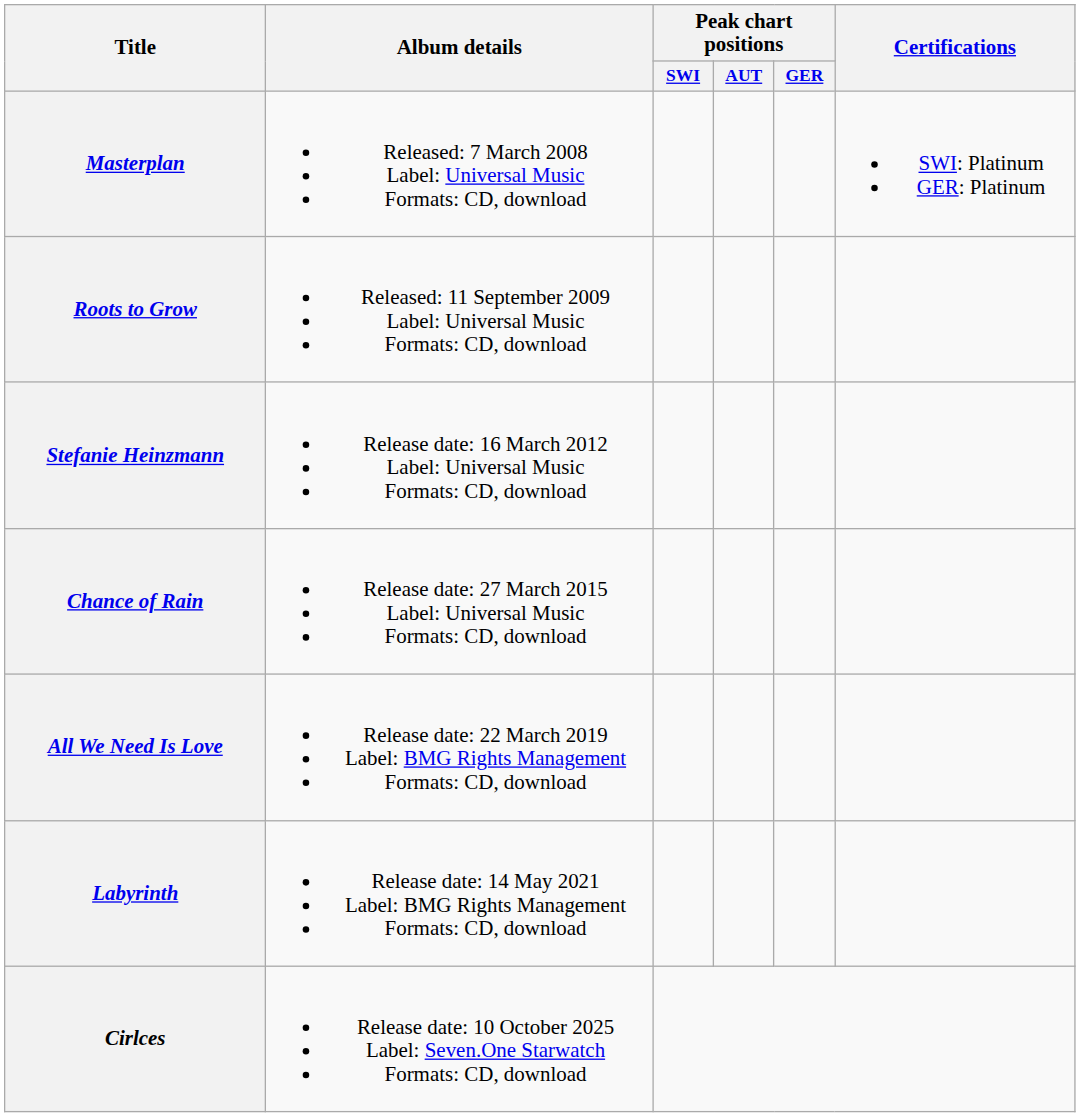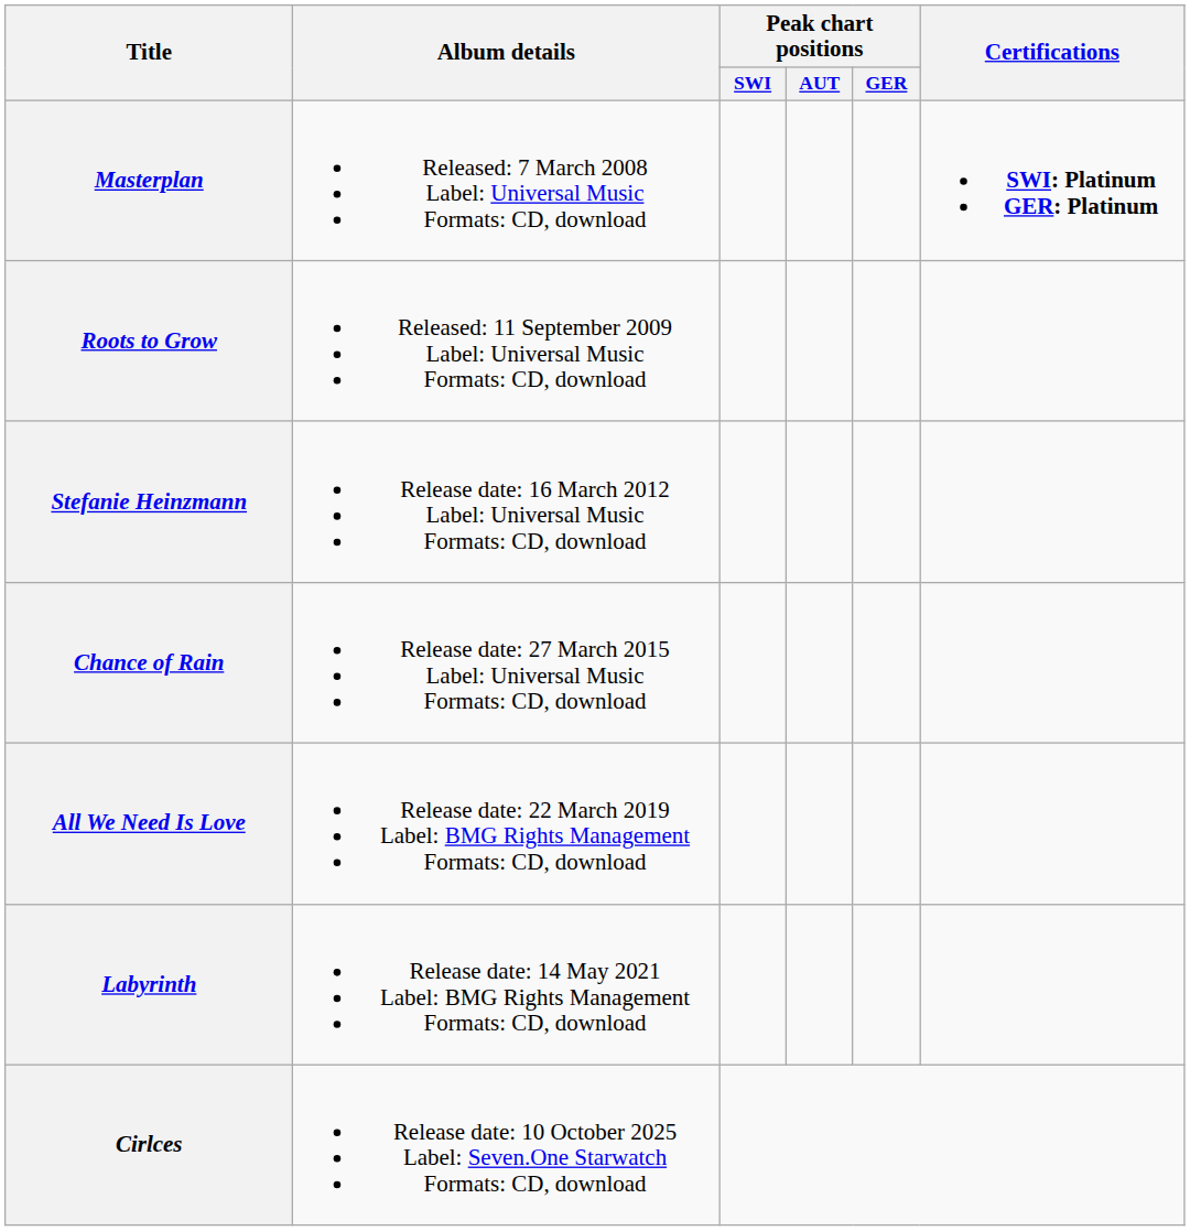 <table class="wikitable plainrowheaders" style="text-align:center;" border="1">
 <tr>
 <th scope="col" rowspan="2" style="width:12em;">Title</th>
 <th scope="col" rowspan="2" style="width:18em;">Album details</th>
 <th scope="col" colspan="3">Peak chart positions</th>
 <th scope="col" rowspan="2" style="width:11em;"><a href='#'>Certifications</a></th>
 </tr>
 <tr style="font-size:smaller;">
 <th width="40"><a href='#'>SWI</a><br></th>
 <th width="40"><a href='#'>AUT</a><br></th>
 <th width="40"><a href='#'>GER</a><br></th>
 </tr>
 <tr>
 <th scope="row"><em><a href='#'>Masterplan</a></em></th>
 <td><br><ul><li>Released: 7 March 2008</li><li>Label: <a href='#'>Universal Music</a></li><li>Formats: CD, download</li></ul></td>
 <td></td>
 <td></td>
 <td></td>
-<td><br><ul><li><a href='#'>SWI</a>: Platinum</li><li><a href='#'>GER</a>: Platinum</li></ul></td>
+<td><strong><br><ul><li><a href='#'>SWI</a>: Platinum</li><li><a href='#'>GER</a>: Platinum</li></ul></strong></td>
 </tr>
 <tr>
 <th scope="row"><em><a href='#'>Roots to Grow</a></em></th>
 <td><br><ul><li>Released: 11 September 2009</li><li>Label: Universal Music</li><li>Formats: CD, download</li></ul></td>
 <td></td>
 <td></td>
 <td></td>
 <td></td>
 </tr>
 <tr>
 <th scope="row"><em><a href='#'>Stefanie Heinzmann</a></em></th>
 <td><br><ul><li>Release date: 16 March 2012</li><li>Label: Universal Music</li><li>Formats: CD, download</li></ul></td>
 <td></td>
 <td></td>
 <td></td>
 <td></td>
 </tr>
 <tr>
 <th scope="row"><em><a href='#'>Chance of Rain</a></em></th>
 <td><br><ul><li>Release date: 27 March 2015</li><li>Label: Universal Music</li><li>Formats: CD, download</li></ul></td>
 <td></td>
 <td></td>
 <td></td>
 <td></td>
 </tr>
 <tr>
 <th scope="row"><em><a href='#'>All We Need Is Love</a></em></th>
 <td><br><ul><li>Release date: 22 March 2019</li><li>Label: <a href='#'>BMG Rights Management</a></li><li>Formats: CD, download</li></ul></td>
 <td></td>
 <td></td>
 <td></td>
 <td></td>
 </tr>
 <tr>
 <th scope="row"><em><a href='#'>Labyrinth</a></em></th>
 <td><br><ul><li>Release date: 14 May 2021</li><li>Label: BMG Rights Management</li><li>Formats: CD, download</li></ul></td>
 <td></td>
 <td></td>
 <td></td>
 <td></td>
 </tr>
 <tr>
 <th scope="row"><em>Cirlces</em></th>
 <td><br><ul><li>Release date: 10 October 2025</li><li>Label: <a href='#'>Seven.One Starwatch</a></li><li>Formats: CD, download</li></ul></td>
 <td colspan="4"></td>
 </tr>
 </table>
